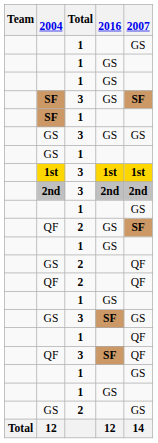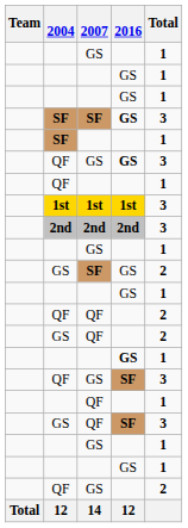 <table class=wikitable style="text-align:center">
 <tr>
 <th>Team</th>
 <th><br><a href='#'>2004</a></th>
+<th><br><a href='#'>2007</a></th>
+<th><br><a href='#'>2016</a></th>
 <th>Total</th>
-<th><br><a href='#'>2016</a></th>
-<th><br><a href='#'>2007</a></th>
 </tr>
 <tr>
 <td align=left></td>
 <td></td>
+<td>GS</td>
+<td></td>
 <td><strong>1</strong></td>
-<td></td>
-<td>GS</td>
 </tr>
 <tr>
 <td align=left></td>
 <td></td>
+<td></td>
+<td>GS</td>
 <td><strong>1</strong></td>
-<td>GS</td>
-<td></td>
 </tr>
 <tr>
 <td align=left></td>
 <td></td>
+<td></td>
+<td>GS</td>
 <td><strong>1</strong></td>
-<td>GS</td>
-<td></td>
 </tr>
 <tr>
 <td align=left></td>
 <td bgcolor=cc9966><strong>SF</strong></td>
+<td bgcolor=cc9966><strong>SF</strong></td>
+<td><strong>GS</strong></td>
 <td><strong>3</strong></td>
-<td>GS</td>
-<td bgcolor=cc9966><strong>SF</strong></td>
 </tr>
 <tr>
 <td align=left></td>
 <td bgcolor=cc9966><strong>SF</strong></td>
-<td><strong>1</strong></td>
 <td></td>
 <td></td>
+<td><strong>1</strong></td>
+</tr>
+<tr>
+<td align=left></td>
+<td>QF</td>
+<td>GS</td>
+<td><strong>GS</strong></td>
+<td><strong>3</strong></td>
+</tr>
+<tr>
+<td align=left></td>
+<td>QF</td>
+<td></td>
+<td></td>
+<td><strong>1</strong></td>
+</tr>
+<tr>
+<td align=left></td>
+<td bgcolor=gold><strong>1st</strong></td>
+<td bgcolor=gold><strong>1st</strong></td>
+<td bgcolor=gold><strong>1st</strong></td>
+<td><strong>3</strong></td>
+</tr>
+<tr>
+<td align=left></td>
+<td bgcolor=silver><strong>2nd</strong></td>
+<td bgcolor=silver><strong>2nd</strong></td>
+<td bgcolor=silver><strong>2nd</strong></td>
+<td><strong>3</strong></td>
+</tr>
+<tr>
+<td align=left></td>
+<td></td>
+<td>GS</td>
+<td></td>
+<td><strong>1</strong></td>
 </tr>
 <tr>
 <td align=left></td>
 <td>GS</td>
-<td><strong>3</strong></td>
+<td bgcolor=cc9966><strong>SF</strong></td>
 <td>GS</td>
+<td><strong>2</strong></td>
+</tr>
+<tr>
+<td align=left></td>
+<td></td>
+<td></td>
 <td>GS</td>
+<td><strong>1</strong></td>
+</tr>
+<tr>
+<td align=left></td>
+<td>QF</td>
+<td>QF</td>
+<td></td>
+<td><strong>2</strong></td>
 </tr>
 <tr>
 <td align=left></td>
 <td>GS</td>
-<td><strong>1</strong></td>
+<td>QF</td>
 <td></td>
-<td></td>
-</tr>
-<tr>
-<td align=left></td>
-<td bgcolor=gold><strong>1st</strong></td>
-<td><strong>3</strong></td>
-<td bgcolor=gold><strong>1st</strong></td>
-<td bgcolor=gold><strong>1st</strong></td>
-</tr>
-<tr>
-<td align=left></td>
-<td bgcolor=silver><strong>2nd</strong></td>
-<td><strong>3</strong></td>
-<td bgcolor=silver><strong>2nd</strong></td>
-<td bgcolor=silver><strong>2nd</strong></td>
+<td><strong>2</strong></td>
 </tr>
 <tr>
 <td align=left></td>
 <td></td>
+<td></td>
+<td><strong>GS</strong></td>
 <td><strong>1</strong></td>
-<td></td>
-<td>GS</td>
 </tr>
 <tr>
 <td align=left></td>
 <td>QF</td>
-<td><strong>2</strong></td>
 <td>GS</td>
 <td bgcolor=cc9966><strong>SF</strong></td>
+<td><strong>3</strong></td>
 </tr>
 <tr>
 <td align=left></td>
 <td></td>
+<td>QF</td>
+<td></td>
 <td><strong>1</strong></td>
-<td>GS</td>
-<td></td>
 </tr>
 <tr>
 <td align=left></td>
 <td>GS</td>
-<td><strong>2</strong></td>
+<td>QF</td>
+<td bgcolor=cc9966><strong>SF</strong></td>
+<td><strong>3</strong></td>
+</tr>
+<tr>
+<td align=left></td>
 <td></td>
-<td>QF</td>
+<td>GS</td>
+<td></td>
+<td><strong>1</strong></td>
+</tr>
+<tr>
+<td align=left></td>
+<td></td>
+<td></td>
+<td>GS</td>
+<td><strong>1</strong></td>
 </tr>
 <tr>
 <td align=left></td>
 <td>QF</td>
-<td><strong>2</strong></td>
-<td></td>
-<td>QF</td>
-</tr>
-<tr>
-<td align=left></td>
-<td></td>
-<td><strong>1</strong></td>
 <td>GS</td>
 <td></td>
-</tr>
-<tr>
-<td align=left></td>
-<td>GS</td>
-<td><strong>3</strong></td>
-<td bgcolor=cc9966><strong>SF</strong></td>
-<td>GS</td>
-</tr>
-<tr>
-<td align=left></td>
-<td></td>
-<td><strong>1</strong></td>
-<td></td>
-<td>QF</td>
-</tr>
-<tr>
-<td align=left></td>
-<td>QF</td>
-<td><strong>3</strong></td>
-<td bgcolor=cc9966><strong>SF</strong></td>
-<td>QF</td>
-</tr>
-<tr>
-<td align=left></td>
-<td></td>
-<td><strong>1</strong></td>
-<td></td>
-<td>GS</td>
-</tr>
-<tr>
-<td align=left></td>
-<td></td>
-<td><strong>1</strong></td>
-<td>GS</td>
-<td></td>
-</tr>
-<tr>
-<td align=left></td>
-<td>GS</td>
 <td><strong>2</strong></td>
-<td></td>
-<td>GS</td>
 </tr>
 <tr>
 <th>Total</th>
 <th>12</th>
+<th>14</th>
+<th>12</th>
 <th></th>
-<th>12</th>
-<th>14</th>
 </tr>
 </table>
